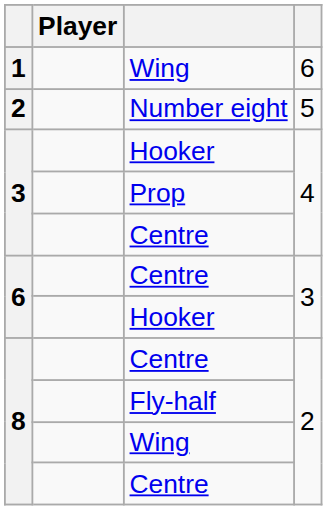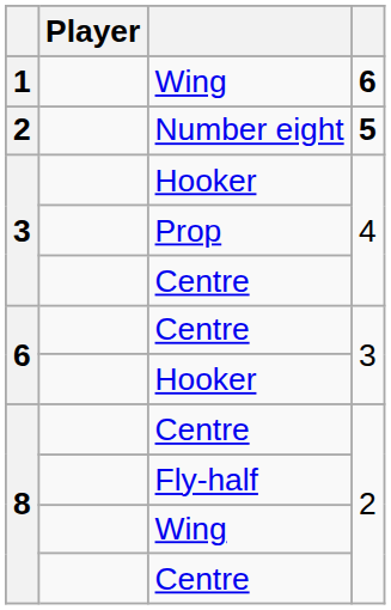 <table class="wikitable plainrowheaders" style="font-size:90%;">
 <tr>
 <th scope=col></th>
 <th scope=col>Player</th>
 <th scope=col></th>
 <th scope=col></th>
 </tr>
 <tr>
 <th align=center>1</th>
 <td align=left> </td>
 <td align=left><a href='#'>Wing</a></td>
-<td align=center>6</td>
+<td align=center><strong>6</strong></td>
 </tr>
 <tr>
 <th align=center>2</th>
 <td align=left> </td>
 <td align=left><a href='#'>Number eight</a></td>
-<td align=center>5</td>
+<td align=center><strong>5</strong></td>
 </tr>
 <tr>
 <th align=center rowspan="3">3</th>
 <td align=left> </td>
 <td align=left><a href='#'>Hooker</a></td>
 <td align=center rowspan="3">4</td>
 </tr>
 <tr>
 <td align=left> </td>
 <td align=left><a href='#'>Prop</a></td>
 </tr>
 <tr>
 <td align=left> </td>
 <td align=left><a href='#'>Centre</a></td>
 </tr>
 <tr>
 <th align=center rowspan="2">6</th>
 <td align=left> </td>
 <td align=left><a href='#'>Centre</a></td>
 <td align=center rowspan="2">3</td>
 </tr>
 <tr>
 <td align=left> </td>
 <td align=left><a href='#'>Hooker</a></td>
 </tr>
 <tr>
 <th align=center rowspan="4">8</th>
 <td align=left> </td>
 <td align=left><a href='#'>Centre</a></td>
 <td align=center rowspan="5">2</td>
 </tr>
 <tr>
 <td align=left> </td>
 <td align=left><a href='#'>Fly-half</a></td>
 </tr>
 <tr>
 <td align=left> </td>
 <td align=left><a href='#'>Wing</a></td>
 </tr>
 <tr>
 <td align=left> </td>
 <td align=left><a href='#'>Centre</a></td>
 </tr>
 </table>
